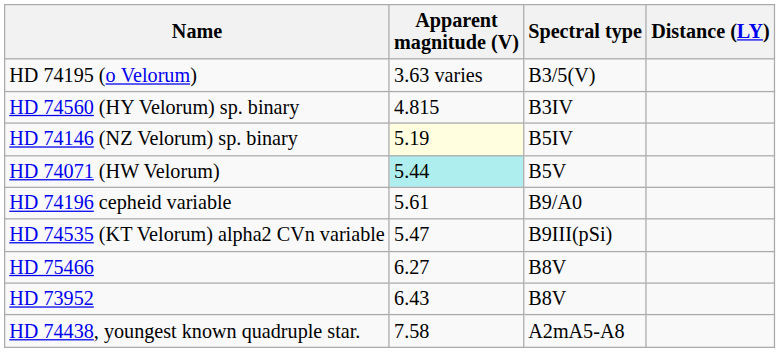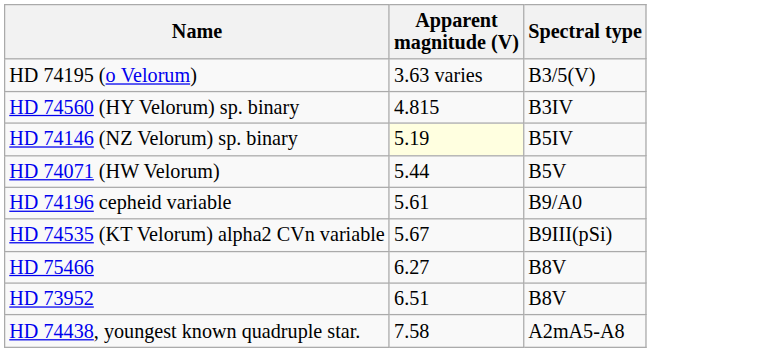 <table class="wikitable sortable">
 <tr>
 <th>Name</th>
 <th>Apparent<br>magnitude (V)</th>
 <th>Spectral type</th>
-<th>Distance (<a href='#'>LY</a>)</th>
 </tr>
 <tr>
 <td>HD 74195 (<a href='#'>ο Velorum</a>)</td>
 <td>3.63 varies</td>
 <td style="background:#">B3/5(V)</td>
-<td></td>
 </tr>
 <tr>
 <td><a href='#'>HD 74560</a> (HY Velorum) sp. binary</td>
 <td>4.815</td>
 <td style="background:#">B3IV</td>
-<td></td>
 </tr>
 <tr>
 <td><a href='#'>HD 74146</a> (NZ Velorum) sp. binary</td>
 <td style="background: lightyellow;">5.19</td>
 <td style="background:#">B5IV</td>
-<td></td>
 </tr>
 <tr>
 <td><a href='#'>HD 74071</a> (HW Velorum)</td>
-<td style="background: paleturquoise;">5.44</td>
+<td>5.44</td>
 <td style="background:#">B5V</td>
-<td></td>
 </tr>
 <tr>
 <td><a href='#'>HD 74196</a> cepheid variable</td>
 <td>5.61</td>
 <td style="background:#">B9/A0</td>
-<td></td>
 </tr>
 <tr>
 <td><a href='#'>HD 74535</a> (KT Velorum) alpha2 CVn variable</td>
-<td>5.47</td>
+<td>5.67</td>
 <td style="background:#">B9III(pSi)</td>
-<td></td>
 </tr>
 <tr>
 <td><a href='#'>HD 75466</a></td>
 <td>6.27</td>
 <td style="background:#">B8V</td>
-<td></td>
 </tr>
 <tr>
 <td><a href='#'>HD 73952</a></td>
-<td>6.43</td>
+<td>6.51</td>
 <td style="background:#">B8V</td>
-<td></td>
 </tr>
 <tr>
 <td><a href='#'>HD 74438</a>, youngest known quadruple star.</td>
 <td>7.58</td>
 <td style="background:#">A2mA5-A8</td>
-<td></td>
 </tr>
 </table>
